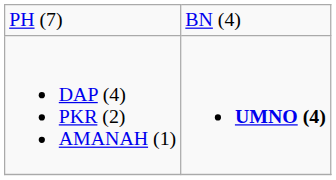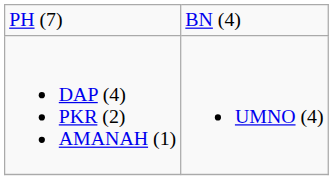 <table class="wikitable">
 <tr>
 <td> <a href='#'>PH</a> (7)</td>
 <td> <a href='#'>BN</a> (4)</td>
 </tr>
 <tr>
 <td><br><ul><li> <a href='#'>DAP</a> (4)</li><li> <a href='#'>PKR</a> (2)</li><li> <a href='#'>AMANAH</a> (1)</li></ul></td>
-<td><strong><br><ul><li> <a href='#'>UMNO</a> (4)</li></ul></strong></td>
+<td><br><ul><li> <a href='#'>UMNO</a> (4)</li></ul></td>
 </tr>
 <tr>
 </tr>
 </table>
